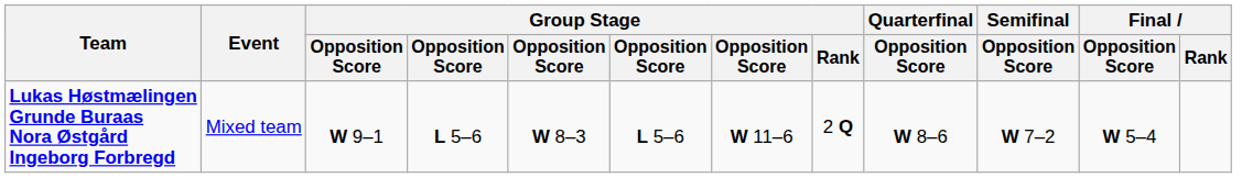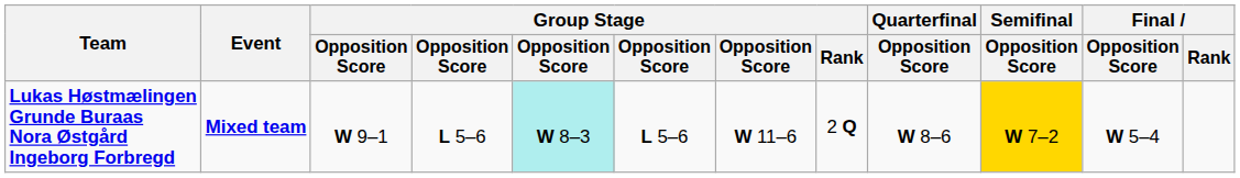 <table class="wikitable" style="font-size:90%">
 <tr>
 <th rowspan=2>Team</th>
 <th rowspan=2>Event</th>
 <th colspan=6>Group Stage</th>
 <th>Quarterfinal</th>
 <th>Semifinal</th>
 <th colspan=2>Final / </th>
 </tr>
 <tr style="font-size:95%">
 <th>Opposition<br>Score</th>
 <th>Opposition<br>Score</th>
 <th>Opposition<br>Score</th>
 <th>Opposition<br>Score</th>
 <th>Opposition<br>Score</th>
 <th>Rank</th>
 <th>Opposition<br>Score</th>
 <th>Opposition<br>Score</th>
 <th>Opposition<br>Score</th>
 <th>Rank</th>
 </tr>
 <tr align=center>
 <td align=left><strong><a href='#'>Lukas Høstmælingen</a><br><a href='#'>Grunde Buraas</a><br><a href='#'>Nora Østgård</a><br><a href='#'>Ingeborg Forbregd</a></strong></td>
-<td align=left><a href='#'>Mixed team</a></td>
+<td align=left><strong><a href='#'>Mixed team</a></strong></td>
 <td><br><strong>W</strong> 9–1</td>
 <td><br><strong>L</strong> 5–6</td>
-<td><br><strong>W</strong> 8–3</td>
+<td style="background: paleturquoise;"><br><strong>W</strong> 8–3</td>
 <td><br><strong>L</strong> 5–6</td>
 <td><br><strong>W</strong> 11–6</td>
 <td>2 <strong>Q</strong></td>
 <td><br><strong>W</strong> 8–6</td>
-<td><br><strong>W</strong> 7–2</td>
+<td style="background: gold;"><br><strong>W</strong> 7–2</td>
 <td><br><strong>W</strong> 5–4</td>
 <td></td>
 </tr>
 </table>
